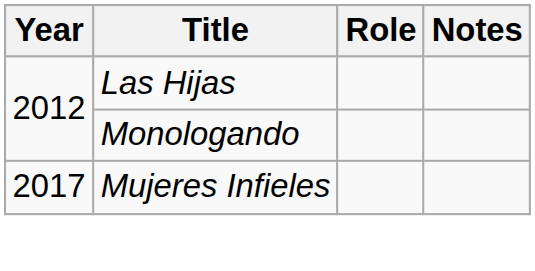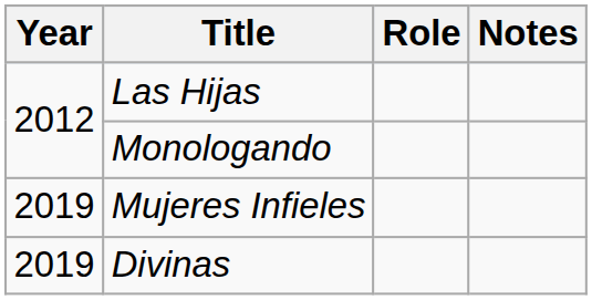 <table class="wikitable">
 <tr style="background:#b0c4de;">
 <th>Year</th>
 <th>Title</th>
 <th>Role</th>
 <th>Notes</th>
 </tr>
 <tr>
 <td rowspan=2>2012</td>
 <td><em>Las Hijas</em></td>
 <td></td>
 <td></td>
 </tr>
 <tr>
 <td><em>Monologando</em></td>
 <td></td>
 <td></td>
 </tr>
 <tr>
-<td>2017</td>
+<td>2019</td>
 <td><em>Mujeres Infieles</em></td>
 <td></td>
 <td></td>
 </tr>
+<tr>
+<td>2019</td>
+<td><em>Divinas</em></td>
+<td></td>
+<td></td>
+</tr>
 </table>
